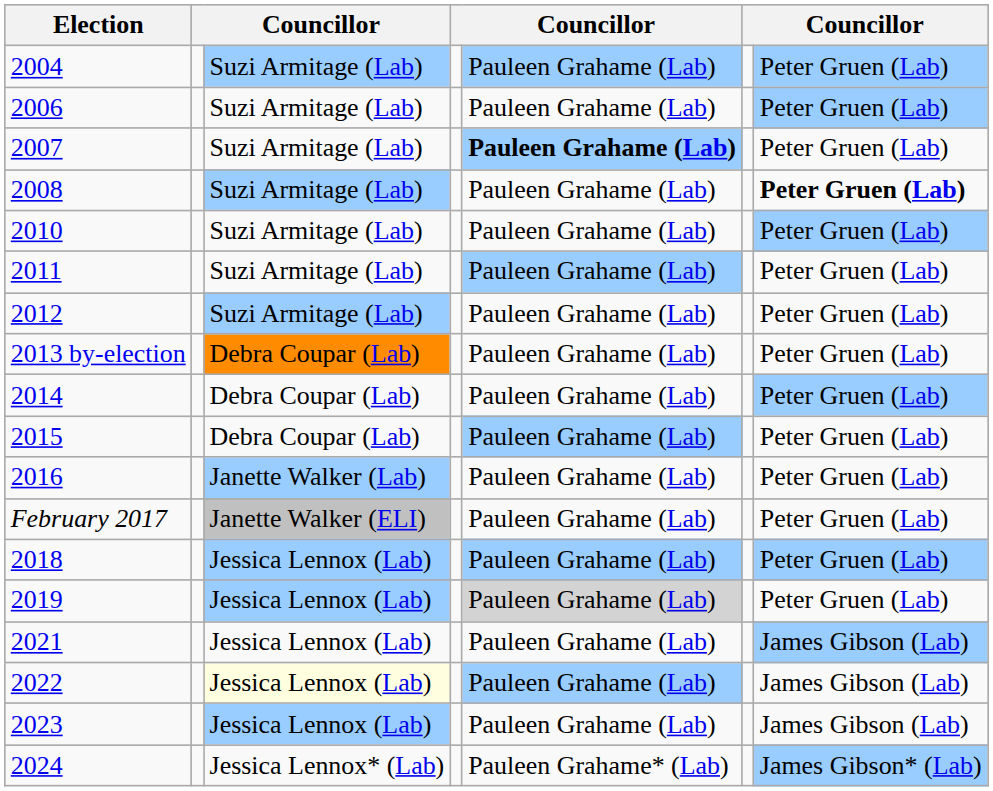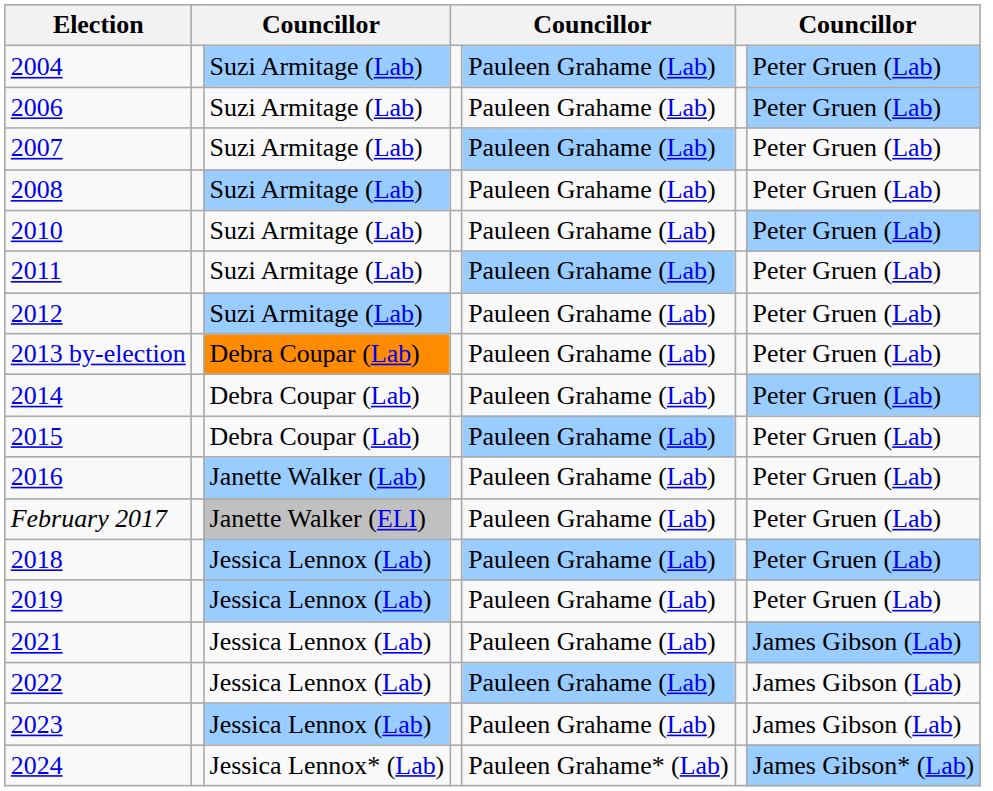 <table class="wikitable">
 <tr>
 <th>Election</th>
 <th colspan="2">Councillor</th>
 <th colspan="2">Councillor</th>
 <th colspan="2">Councillor</th>
 </tr>
 <tr>
 <td><a href='#'>2004</a></td>
 <td style="background-color: "></td>
 <td bgcolor="#99CCFF">Suzi Armitage (<a href='#'>Lab</a>)</td>
 <td style="background-color: "></td>
 <td bgcolor="#99CCFF">Pauleen Grahame (<a href='#'>Lab</a>)</td>
 <td style="background-color: "></td>
 <td bgcolor="#99CCFF">Peter Gruen (<a href='#'>Lab</a>)</td>
 </tr>
 <tr>
 <td><a href='#'>2006</a></td>
 <td style="background-color: "></td>
 <td>Suzi Armitage (<a href='#'>Lab</a>)</td>
 <td style="background-color: "></td>
 <td>Pauleen Grahame (<a href='#'>Lab</a>)</td>
 <td style="background-color: "></td>
 <td bgcolor="#99CCFF">Peter Gruen (<a href='#'>Lab</a>)</td>
 </tr>
 <tr>
 <td><a href='#'>2007</a></td>
 <td style="background-color: "></td>
 <td>Suzi Armitage (<a href='#'>Lab</a>)</td>
 <td style="background-color: "></td>
-<td bgcolor="#99CCFF"><strong>Pauleen Grahame (<a href='#'>Lab</a>)</strong></td>
+<td bgcolor="#99CCFF">Pauleen Grahame (<a href='#'>Lab</a>)</td>
 <td style="background-color: "></td>
 <td>Peter Gruen (<a href='#'>Lab</a>)</td>
 </tr>
 <tr>
 <td><a href='#'>2008</a></td>
 <td style="background-color: "></td>
 <td bgcolor="#99CCFF">Suzi Armitage (<a href='#'>Lab</a>)</td>
 <td style="background-color: "></td>
 <td>Pauleen Grahame (<a href='#'>Lab</a>)</td>
 <td style="background-color: "></td>
-<td><strong>Peter Gruen (<a href='#'>Lab</a>)</strong></td>
+<td>Peter Gruen (<a href='#'>Lab</a>)</td>
 </tr>
 <tr>
 <td><a href='#'>2010</a></td>
 <td style="background-color: "></td>
 <td>Suzi Armitage (<a href='#'>Lab</a>)</td>
 <td style="background-color: "></td>
 <td>Pauleen Grahame (<a href='#'>Lab</a>)</td>
 <td style="background-color: "></td>
 <td bgcolor="#99CCFF">Peter Gruen (<a href='#'>Lab</a>)</td>
 </tr>
 <tr>
 <td><a href='#'>2011</a></td>
 <td style="background-color: "></td>
 <td>Suzi Armitage (<a href='#'>Lab</a>)</td>
 <td style="background-color: "></td>
 <td bgcolor="#99CCFF">Pauleen Grahame (<a href='#'>Lab</a>)</td>
 <td style="background-color: "></td>
 <td>Peter Gruen (<a href='#'>Lab</a>)</td>
 </tr>
 <tr>
 <td><a href='#'>2012</a></td>
 <td style="background-color: "></td>
 <td bgcolor="#99CCFF">Suzi Armitage (<a href='#'>Lab</a>)</td>
 <td style="background-color: "></td>
 <td>Pauleen Grahame (<a href='#'>Lab</a>)</td>
 <td style="background-color: "></td>
 <td>Peter Gruen (<a href='#'>Lab</a>)</td>
 </tr>
 <tr>
 <td><a href='#'>2013 by-election</a></td>
 <td style="background-color: "></td>
 <td bgcolor="#FF8C00">Debra Coupar (<a href='#'>Lab</a>)</td>
 <td style="background-color: "></td>
 <td>Pauleen Grahame (<a href='#'>Lab</a>)</td>
 <td style="background-color: "></td>
 <td>Peter Gruen (<a href='#'>Lab</a>)</td>
 </tr>
 <tr>
 <td><a href='#'>2014</a></td>
 <td style="background-color: "></td>
 <td>Debra Coupar (<a href='#'>Lab</a>)</td>
 <td style="background-color: "></td>
 <td>Pauleen Grahame (<a href='#'>Lab</a>)</td>
 <td style="background-color: "></td>
 <td bgcolor="#99CCFF">Peter Gruen (<a href='#'>Lab</a>)</td>
 </tr>
 <tr>
 <td><a href='#'>2015</a></td>
 <td style="background-color: "></td>
 <td>Debra Coupar (<a href='#'>Lab</a>)</td>
 <td style="background-color: "></td>
 <td bgcolor="#99CCFF">Pauleen Grahame (<a href='#'>Lab</a>)</td>
 <td style="background-color: "></td>
 <td>Peter Gruen (<a href='#'>Lab</a>)</td>
 </tr>
 <tr>
 <td><a href='#'>2016</a></td>
 <td style="background-color: "></td>
 <td bgcolor="#99CCFF">Janette Walker (<a href='#'>Lab</a>)</td>
 <td style="background-color: "></td>
 <td>Pauleen Grahame (<a href='#'>Lab</a>)</td>
 <td style="background-color: "></td>
 <td>Peter Gruen (<a href='#'>Lab</a>)</td>
 </tr>
 <tr>
 <td><em>February 2017</em></td>
 <td style="background-color: "></td>
 <td bgcolor="#C0C0C0">Janette Walker (<a href='#'>ELI</a>)</td>
 <td style="background-color: "></td>
 <td>Pauleen Grahame (<a href='#'>Lab</a>)</td>
 <td style="background-color: "></td>
 <td>Peter Gruen (<a href='#'>Lab</a>)</td>
 </tr>
 <tr>
 <td><a href='#'>2018</a></td>
 <td style="background-color: "></td>
 <td bgcolor="#99CCFF">Jessica Lennox (<a href='#'>Lab</a>)</td>
 <td style="background-color: "></td>
 <td bgcolor="#99CCFF">Pauleen Grahame (<a href='#'>Lab</a>)</td>
 <td style="background-color: "></td>
 <td bgcolor="#99CCFF">Peter Gruen (<a href='#'>Lab</a>)</td>
 </tr>
 <tr>
 <td><a href='#'>2019</a></td>
 <td style="background-color: "></td>
 <td bgcolor="#99CCFF">Jessica Lennox (<a href='#'>Lab</a>)</td>
 <td style="background-color: "></td>
-<td style="background: lightgrey;">Pauleen Grahame (<a href='#'>Lab</a>)</td>
+<td>Pauleen Grahame (<a href='#'>Lab</a>)</td>
 <td style="background-color: "></td>
 <td>Peter Gruen (<a href='#'>Lab</a>)</td>
 </tr>
 <tr>
 <td><a href='#'>2021</a></td>
 <td style="background-color: "></td>
 <td>Jessica Lennox (<a href='#'>Lab</a>)</td>
 <td style="background-color: "></td>
 <td>Pauleen Grahame (<a href='#'>Lab</a>)</td>
 <td style="background-color: "></td>
 <td bgcolor="#99CCFF">James Gibson (<a href='#'>Lab</a>)</td>
 </tr>
 <tr>
 <td><a href='#'>2022</a></td>
 <td style="background-color: "></td>
-<td style="background: lightyellow;">Jessica Lennox (<a href='#'>Lab</a>)</td>
+<td>Jessica Lennox (<a href='#'>Lab</a>)</td>
 <td style="background-color: "></td>
 <td bgcolor="#99CCFF">Pauleen Grahame (<a href='#'>Lab</a>)</td>
 <td style="background-color: "></td>
 <td>James Gibson (<a href='#'>Lab</a>)</td>
 </tr>
 <tr>
 <td><a href='#'>2023</a></td>
 <td style="background-color: "></td>
 <td bgcolor="#99CCFF">Jessica Lennox (<a href='#'>Lab</a>)</td>
 <td style="background-color: "></td>
 <td>Pauleen Grahame (<a href='#'>Lab</a>)</td>
 <td style="background-color: "></td>
 <td>James Gibson (<a href='#'>Lab</a>)</td>
 </tr>
 <tr>
 <td><a href='#'>2024</a></td>
 <td style="background-color: "></td>
 <td>Jessica Lennox* (<a href='#'>Lab</a>)</td>
 <td style="background-color: "></td>
 <td>Pauleen Grahame* (<a href='#'>Lab</a>)</td>
 <td style="background-color: "></td>
 <td bgcolor="#99CCFF">James Gibson* (<a href='#'>Lab</a>)</td>
 </tr>
 </table>
